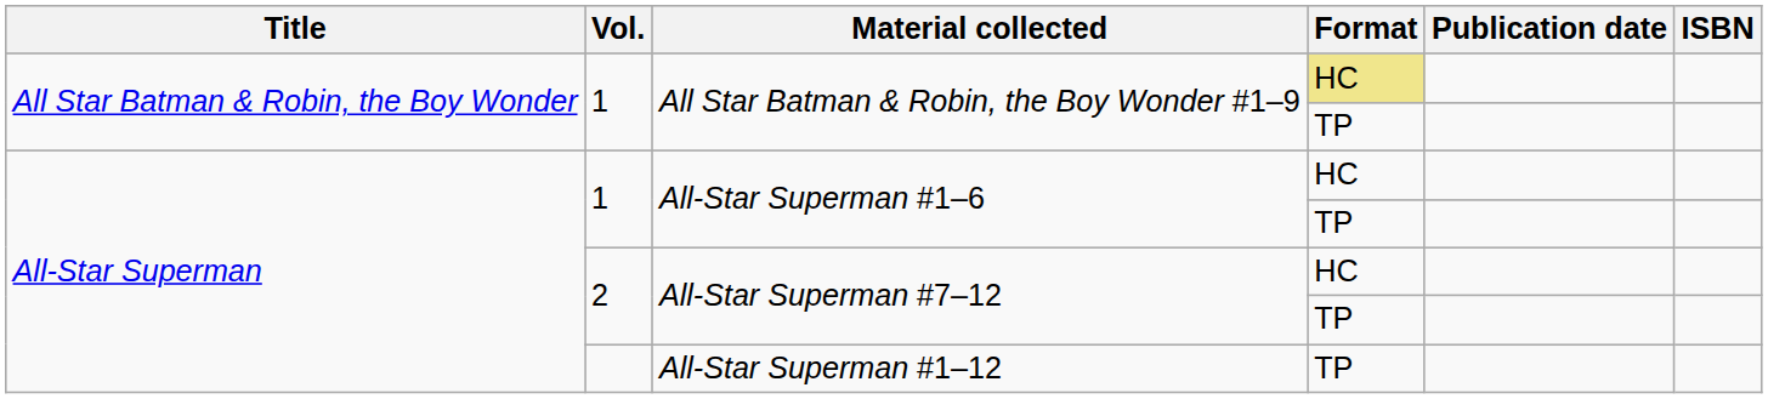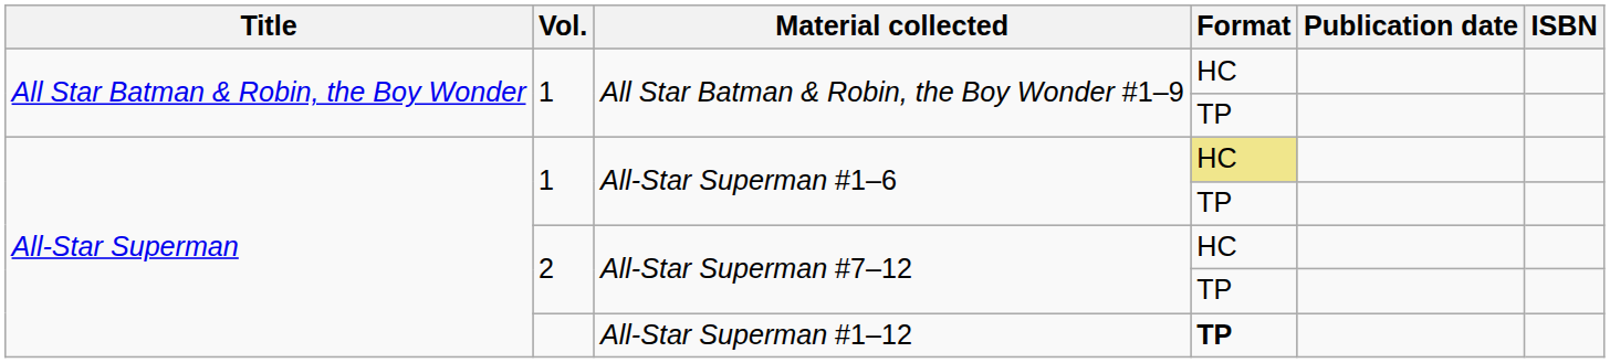 <table class="wikitable">
 <tr>
 <th>Title</th>
 <th>Vol.</th>
 <th>Material collected</th>
 <th>Format</th>
 <th>Publication date</th>
 <th>ISBN</th>
 </tr>
 <tr>
 <td rowspan="2"><em><a href='#'>All Star Batman & Robin, the Boy Wonder</a></em></td>
 <td rowspan="2">1</td>
 <td rowspan="2"><em>All Star Batman & Robin, the Boy Wonder</em> #1–9</td>
-<td style="background: khaki;">HC</td>
+<td>HC</td>
 <td></td>
 <td></td>
 </tr>
 <tr>
 <td>TP</td>
 <td></td>
 <td></td>
 </tr>
 <tr>
 <td rowspan="5"><em><a href='#'>All-Star Superman</a></em></td>
 <td rowspan="2">1</td>
 <td rowspan="2"><em>All-Star Superman</em> #1–6</td>
-<td>HC</td>
+<td style="background: khaki;">HC</td>
 <td></td>
 <td></td>
 </tr>
 <tr>
 <td>TP</td>
 <td></td>
 <td></td>
 </tr>
 <tr>
 <td rowspan="2">2</td>
 <td rowspan="2"><em>All-Star Superman</em> #7–12</td>
 <td>HC</td>
 <td></td>
 <td></td>
 </tr>
 <tr>
 <td>TP</td>
 <td></td>
 <td></td>
 </tr>
 <tr>
 <td></td>
 <td><em>All-Star Superman</em> #1–12</td>
-<td>TP</td>
+<td><strong>TP</strong></td>
 <td></td>
 <td></td>
 </tr>
 </table>
